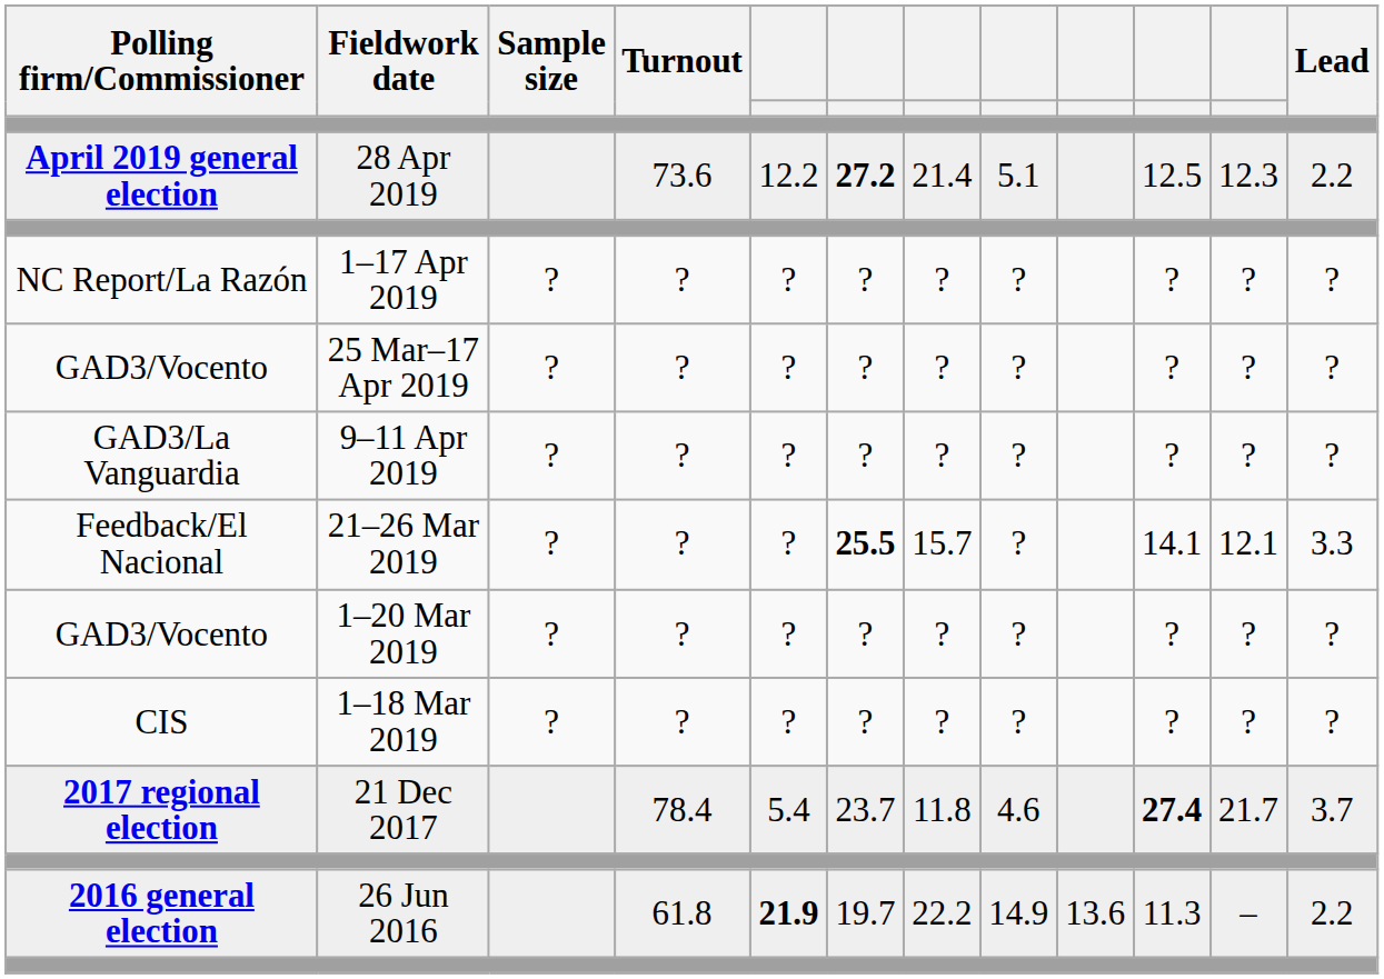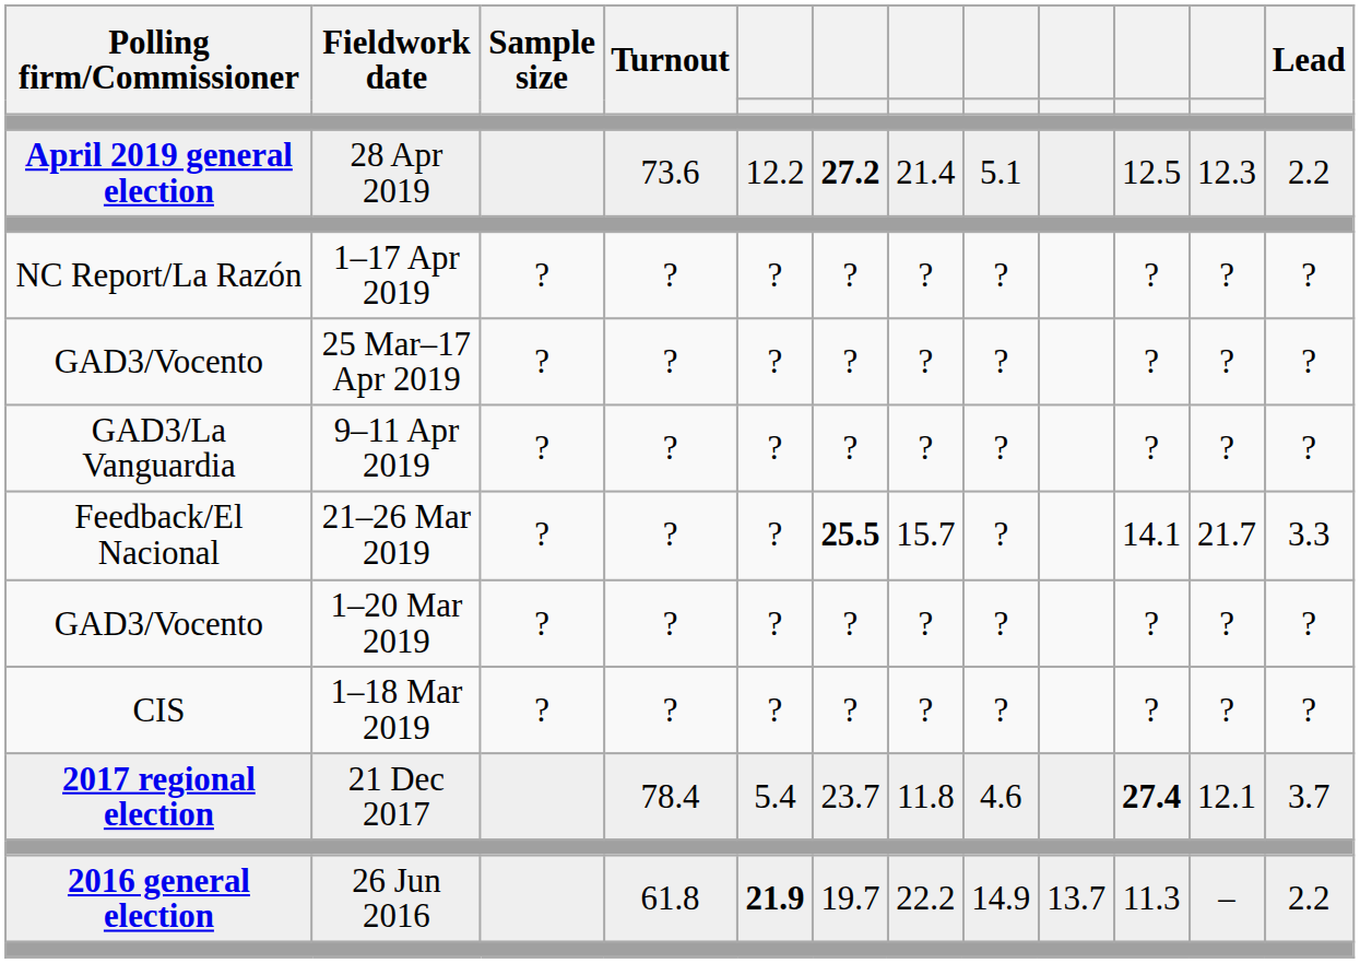 <table class="wikitable collapsible collapsed" style="text-align:center; font-size:95%; line-height:16px;">
 <tr style="height:42px;">
 <th style="width:250px;" rowspan="2">Polling firm/Commissioner</th>
 <th style="width:125px;" rowspan="2">Fieldwork date</th>
 <th style="width:50px;" rowspan="2">Sample size</th>
 <th style="width:45px;" rowspan="2">Turnout</th>
 <th style="width:35px;"></th>
 <th style="width:35px;"></th>
 <th style="width:35px;"></th>
 <th style="width:35px;"></th>
 <th style="width:35px;"></th>
 <th style="width:35px;"></th>
 <th style="width:35px;"></th>
 <th style="width:30px;" rowspan="2">Lead</th>
 </tr>
 <tr>
 <th style="color:inherit;background:"></th>
 <th style="color:inherit;background:"></th>
 <th style="color:inherit;background:"></th>
 <th style="color:inherit;background:"></th>
 <th style="color:inherit;background:"></th>
 <th style="color:inherit;background:"></th>
 <th style="color:inherit;background:"></th>
 </tr>
 <tr>
 <td colspan="12" style="background:#A0A0A0"></td>
 </tr>
 <tr style="background:#EFEFEF;">
 <td><strong><a href='#'>April 2019 general election</a></strong></td>
 <td>28 Apr 2019</td>
 <td></td>
 <td>73.6</td>
 <td>12.2<br></td>
 <td><strong>27.2</strong><br></td>
 <td>21.4<br></td>
 <td>5.1<br></td>
 <td></td>
 <td>12.5<br></td>
 <td>12.3<br></td>
 <td style="background:">2.2</td>
 </tr>
 <tr>
 <td colspan="12" style="background:#A0A0A0"></td>
 </tr>
 <tr>
 <td>NC Report/La Razón</td>
 <td>1–17 Apr 2019</td>
 <td>?</td>
 <td>?</td>
 <td>?<br></td>
 <td>?<br></td>
 <td>?<br></td>
 <td>?<br></td>
 <td></td>
 <td>?<br></td>
 <td>?<br></td>
 <td style="background:">?</td>
 </tr>
 <tr>
 <td>GAD3/Vocento</td>
 <td>25 Mar–17 Apr 2019</td>
 <td>?</td>
 <td>?</td>
 <td>?<br></td>
 <td>?<br></td>
 <td>?<br></td>
 <td>?<br></td>
 <td></td>
 <td>?<br></td>
 <td>?<br></td>
 <td style="background:">?</td>
 </tr>
 <tr>
 <td>GAD3/La Vanguardia</td>
 <td>9–11 Apr 2019</td>
 <td>?</td>
 <td>?</td>
 <td>?<br></td>
 <td>?<br></td>
 <td>?<br></td>
 <td>?<br></td>
 <td></td>
 <td>?<br></td>
 <td>?<br></td>
 <td style="background:">?</td>
 </tr>
 <tr>
 <td>Feedback/El Nacional</td>
 <td>21–26 Mar 2019</td>
 <td>?</td>
 <td>?</td>
 <td>?<br></td>
 <td><strong>25.5</strong><br></td>
 <td>15.7<br></td>
 <td>?<br></td>
 <td></td>
 <td>14.1<br></td>
-<td>12.1<br></td>
+<td>21.7<br></td>
 <td style="background:">3.3</td>
 </tr>
 <tr>
 <td>GAD3/Vocento</td>
 <td>1–20 Mar 2019</td>
 <td>?</td>
 <td>?</td>
 <td>?<br></td>
 <td>?<br></td>
 <td>?<br></td>
 <td>?<br></td>
 <td></td>
 <td>?<br></td>
 <td>?<br></td>
 <td style="background:">?</td>
 </tr>
 <tr>
 <td>CIS</td>
 <td>1–18 Mar 2019</td>
 <td>?</td>
 <td>?</td>
 <td>?<br></td>
 <td>?<br></td>
 <td>?<br></td>
 <td>?<br></td>
 <td></td>
 <td>?<br></td>
 <td>?<br></td>
 <td style="background:">?</td>
 </tr>
 <tr style="background:#EFEFEF;">
 <td><strong><a href='#'>2017 regional election</a></strong></td>
 <td>21 Dec 2017</td>
 <td></td>
 <td>78.4</td>
 <td>5.4<br></td>
 <td>23.7<br></td>
 <td>11.8<br></td>
 <td>4.6<br></td>
 <td></td>
 <td><strong>27.4</strong><br></td>
-<td>21.7<br></td>
+<td>12.1<br></td>
 <td style="background:">3.7</td>
 </tr>
 <tr>
 <td colspan="12" style="background:#A0A0A0"></td>
 </tr>
 <tr style="background:#EFEFEF;">
 <td><strong><a href='#'>2016 general election</a></strong></td>
 <td>26 Jun 2016</td>
 <td></td>
 <td>61.8</td>
 <td><strong>21.9</strong><br></td>
 <td>19.7<br></td>
 <td>22.2<br></td>
 <td>14.9<br></td>
-<td>13.6<br></td>
+<td>13.7<br></td>
 <td>11.3<br></td>
 <td>–</td>
 <td style="background:">2.2</td>
 </tr>
 <tr>
 <td colspan="12" style="background:#A0A0A0"></td>
 </tr>
 </table>
